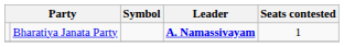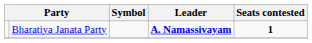 <table class="wikitable" style="text-align:center">
 <tr>
 <th colspan="2">Party</th>
 <th>Symbol</th>
 <th>Leader</th>
 <th>Seats contested</th>
 </tr>
 <tr>
 <td></td>
 <td><a href='#'>Bharatiya Janata Party</a></td>
 <td></td>
 <td><strong><a href='#'>A. Namassivayam</a></strong></td>
-<td>1</td>
+<td><strong>1</strong></td>
 </tr>
 <tr>
 </tr>
 </table>
